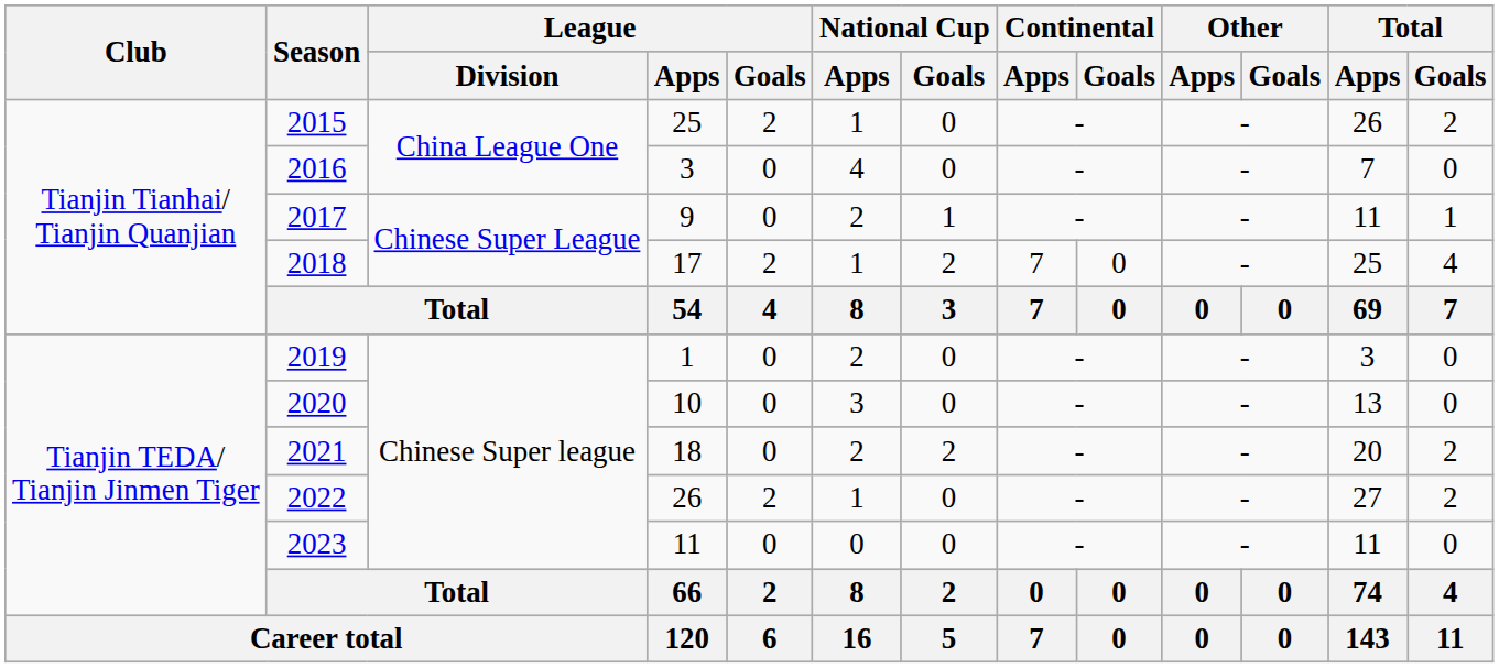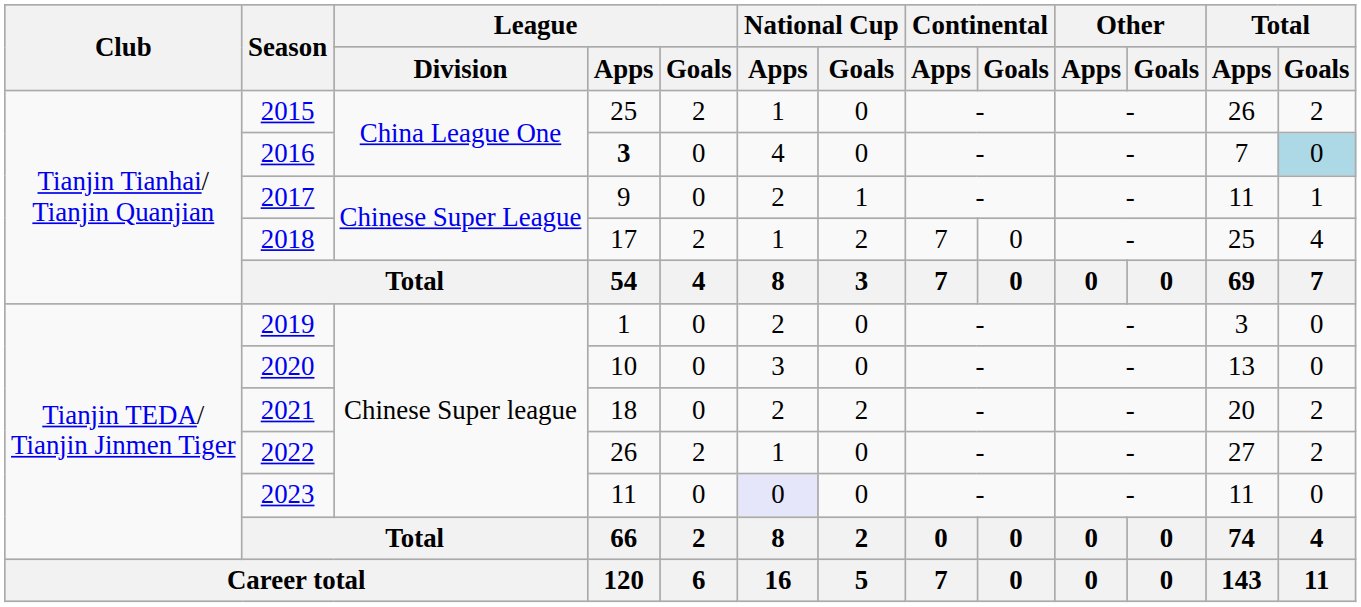 <table class="wikitable" style="text-align: center">
 <tr>
 <th rowspan="2">Club</th>
 <th rowspan="2">Season</th>
 <th colspan="3">League</th>
 <th colspan="2">National Cup</th>
 <th colspan="2">Continental</th>
 <th colspan="2">Other</th>
 <th colspan="2">Total</th>
 </tr>
 <tr>
 <th>Division</th>
 <th>Apps</th>
 <th>Goals</th>
 <th>Apps</th>
 <th>Goals</th>
 <th>Apps</th>
 <th>Goals</th>
 <th>Apps</th>
 <th>Goals</th>
 <th>Apps</th>
 <th>Goals</th>
 </tr>
 <tr>
 <td rowspan=5><a href='#'>Tianjin Tianhai</a>/<br> <a href='#'> Tianjin Quanjian</a></td>
 <td><a href='#'>2015</a></td>
 <td rowspan="2"><a href='#'>China League One</a></td>
 <td>25</td>
 <td>2</td>
 <td>1</td>
 <td>0</td>
 <td colspan="2">-</td>
 <td colspan="2">-</td>
 <td>26</td>
 <td>2</td>
 </tr>
 <tr>
 <td><a href='#'>2016</a></td>
-<td>3</td>
+<td><strong>3</strong></td>
 <td>0</td>
 <td>4</td>
 <td>0</td>
 <td colspan="2">-</td>
 <td colspan="2">-</td>
 <td>7</td>
-<td>0</td>
+<td style="background: lightblue;">0</td>
 </tr>
 <tr>
 <td><a href='#'>2017</a></td>
 <td rowspan="2"><a href='#'>Chinese Super League</a></td>
 <td>9</td>
 <td>0</td>
 <td>2</td>
 <td>1</td>
 <td colspan="2">-</td>
 <td colspan="2">-</td>
 <td>11</td>
 <td>1</td>
 </tr>
 <tr>
 <td><a href='#'>2018</a></td>
 <td>17</td>
 <td>2</td>
 <td>1</td>
 <td>2</td>
 <td>7</td>
 <td>0</td>
 <td colspan="2">-</td>
 <td>25</td>
 <td>4</td>
 </tr>
 <tr>
 <th colspan=2>Total</th>
 <th>54</th>
 <th>4</th>
 <th>8</th>
 <th>3</th>
 <th>7</th>
 <th>0</th>
 <th>0</th>
 <th>0</th>
 <th>69</th>
 <th>7</th>
 </tr>
 <tr>
 <td rowspan=6><a href='#'>Tianjin TEDA</a>/<br><a href='#'>Tianjin Jinmen Tiger</a></td>
 <td><a href='#'>2019</a></td>
 <td rowspan=5>Chinese Super league</td>
 <td>1</td>
 <td>0</td>
 <td>2</td>
 <td>0</td>
 <td colspan="2">-</td>
 <td colspan="2">-</td>
 <td>3</td>
 <td>0</td>
 </tr>
 <tr>
 <td><a href='#'>2020</a></td>
 <td>10</td>
 <td>0</td>
 <td>3</td>
 <td>0</td>
 <td colspan="2">-</td>
 <td colspan="2">-</td>
 <td>13</td>
 <td>0</td>
 </tr>
 <tr>
 <td><a href='#'>2021</a></td>
 <td>18</td>
 <td>0</td>
 <td>2</td>
 <td>2</td>
 <td colspan="2">-</td>
 <td colspan="2">-</td>
 <td>20</td>
 <td>2</td>
 </tr>
 <tr>
 <td><a href='#'>2022</a></td>
 <td>26</td>
 <td>2</td>
 <td>1</td>
 <td>0</td>
 <td colspan="2">-</td>
 <td colspan="2">-</td>
 <td>27</td>
 <td>2</td>
 </tr>
 <tr>
 <td><a href='#'>2023</a></td>
 <td>11</td>
 <td>0</td>
-<td>0</td>
+<td style="background: lavender;">0</td>
 <td>0</td>
 <td colspan="2">-</td>
 <td colspan="2">-</td>
 <td>11</td>
 <td>0</td>
 </tr>
 <tr>
 <th colspan=2>Total</th>
 <th>66</th>
 <th>2</th>
 <th>8</th>
 <th>2</th>
 <th>0</th>
 <th>0</th>
 <th>0</th>
 <th>0</th>
 <th>74</th>
 <th>4</th>
 </tr>
 <tr>
 <th colspan=3>Career total</th>
 <th>120</th>
 <th>6</th>
 <th>16</th>
 <th>5</th>
 <th>7</th>
 <th>0</th>
 <th>0</th>
 <th>0</th>
 <th>143</th>
 <th>11</th>
 </tr>
 </table>
